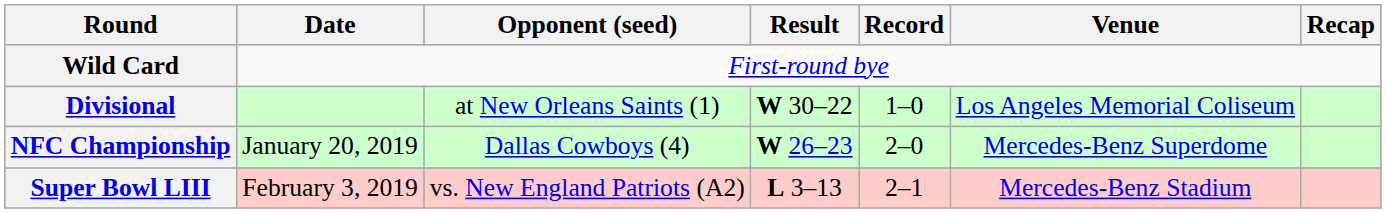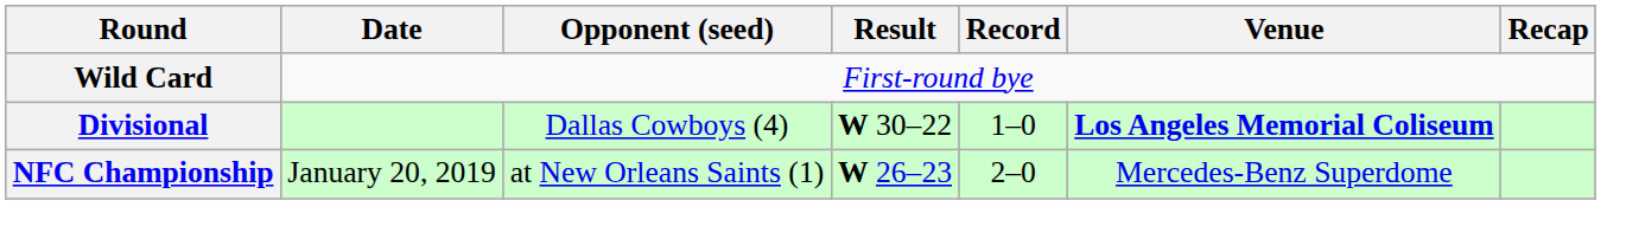 <table class="wikitable" style="text-align:center">
 <tr>
 <th>Round</th>
 <th>Date</th>
 <th>Opponent (seed)</th>
 <th>Result</th>
 <th>Record</th>
 <th>Venue</th>
 <th>Recap</th>
 </tr>
 <tr>
 <th>Wild Card</th>
 <td colspan="6"><em><a href='#'>First-round bye</a></em></td>
 </tr>
 <tr style="background:#cfc">
 <th><a href='#'>Divisional</a></th>
 <td></td>
-<td>at <a href='#'>New Orleans Saints</a> (1)</td>
+<td><a href='#'>Dallas Cowboys</a> (4)</td>
 <td><strong>W</strong> 30–22</td>
 <td>1–0</td>
-<td><a href='#'>Los Angeles Memorial Coliseum</a></td>
+<td><strong><a href='#'>Los Angeles Memorial Coliseum</a></strong></td>
 <td></td>
 </tr>
 <tr style="background:#cfc">
 <th><a href='#'>NFC Championship</a></th>
 <td>January 20, 2019</td>
-<td><a href='#'>Dallas Cowboys</a> (4)</td>
+<td>at <a href='#'>New Orleans Saints</a> (1)</td>
 <td><strong>W</strong> <a href='#'>26–23 </a></td>
 <td>2–0</td>
 <td><a href='#'>Mercedes-Benz Superdome</a></td>
 <td></td>
 </tr>
-<tr style="background:#fcc">
-<th><a href='#'>Super Bowl LIII</a></th>
-<td>February 3, 2019</td>
-<td>vs. <a href='#'>New England Patriots</a> (A2)</td>
-<td><strong>L</strong> 3–13</td>
-<td>2–1</td>
-<td><a href='#'>Mercedes-Benz Stadium</a></td>
-<td></td>
-</tr>
 </table>
